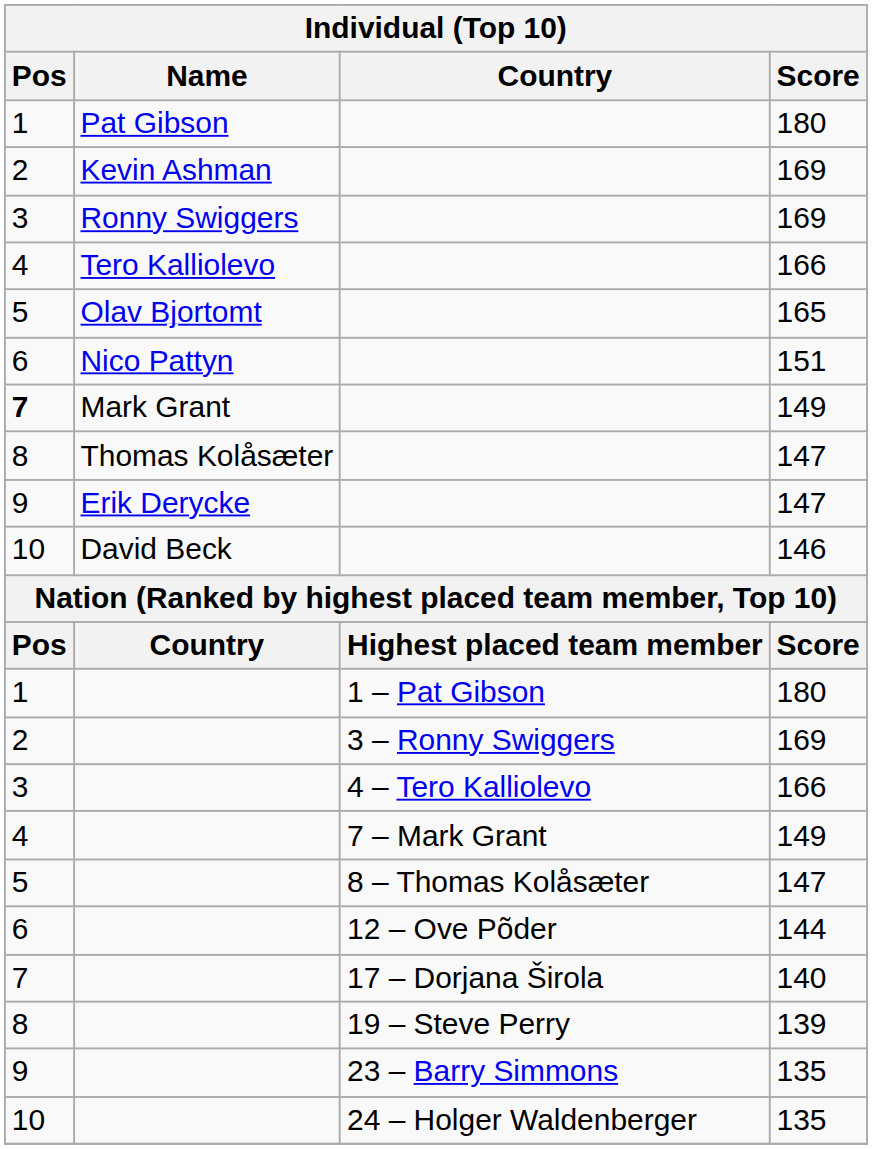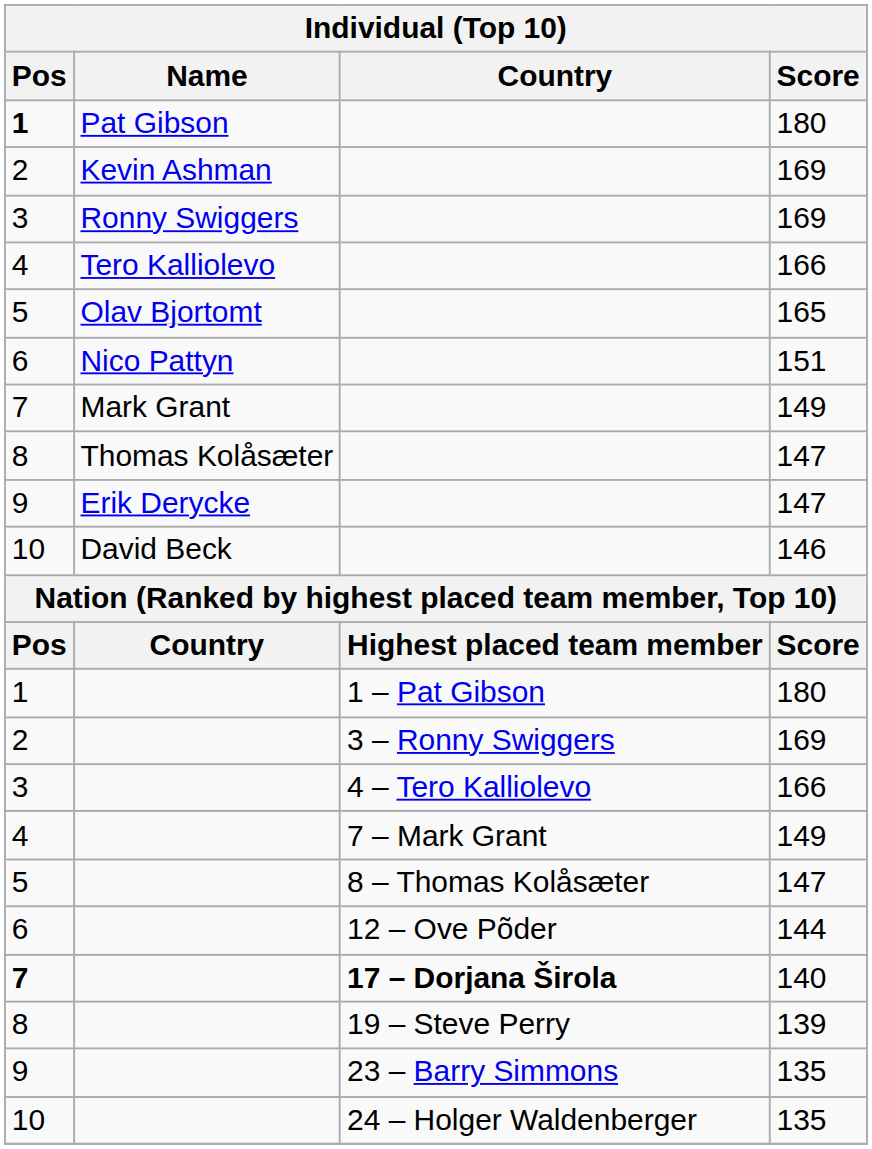 <table class="wikitable">
 <tr>
 <th colspan="4">Individual (Top 10)</th>
 </tr>
 <tr>
 <th>Pos</th>
 <th>Name</th>
 <th>Country</th>
 <th>Score</th>
 </tr>
 <tr>
-<td>1</td>
+<td><strong>1</strong></td>
 <td><a href='#'>Pat Gibson</a></td>
 <td></td>
 <td>180</td>
 </tr>
 <tr>
 <td>2</td>
 <td><a href='#'>Kevin Ashman</a></td>
 <td></td>
 <td>169</td>
 </tr>
 <tr>
 <td>3</td>
 <td><a href='#'>Ronny Swiggers</a></td>
 <td></td>
 <td>169</td>
 </tr>
 <tr>
 <td>4</td>
 <td><a href='#'>Tero Kalliolevo</a></td>
 <td></td>
 <td>166</td>
 </tr>
 <tr>
 <td>5</td>
 <td><a href='#'>Olav Bjortomt</a></td>
 <td></td>
 <td>165</td>
 </tr>
 <tr>
 <td>6</td>
 <td><a href='#'>Nico Pattyn</a></td>
 <td></td>
 <td>151</td>
 </tr>
 <tr>
-<td><strong>7</strong></td>
+<td>7</td>
 <td>Mark Grant</td>
 <td></td>
 <td>149</td>
 </tr>
 <tr>
 <td>8</td>
 <td>Thomas Kolåsæter</td>
 <td></td>
 <td>147</td>
 </tr>
 <tr>
 <td>9</td>
 <td><a href='#'>Erik Derycke</a></td>
 <td></td>
 <td>147</td>
 </tr>
 <tr>
 <td>10</td>
 <td>David Beck</td>
 <td></td>
 <td>146</td>
 </tr>
 <tr>
 <th colspan="4">Nation (Ranked by highest placed team member, Top 10)</th>
 </tr>
 <tr>
 <th>Pos</th>
 <th>Country</th>
 <th>Highest placed team member</th>
 <th>Score</th>
 </tr>
 <tr>
 <td>1</td>
 <td></td>
 <td>1 – <a href='#'>Pat Gibson</a></td>
 <td>180</td>
 </tr>
 <tr>
 <td>2</td>
 <td></td>
 <td>3 – <a href='#'>Ronny Swiggers</a></td>
 <td>169</td>
 </tr>
 <tr>
 <td>3</td>
 <td></td>
 <td>4 – <a href='#'>Tero Kalliolevo</a></td>
 <td>166</td>
 </tr>
 <tr>
 <td>4</td>
 <td></td>
 <td>7 – Mark Grant</td>
 <td>149</td>
 </tr>
 <tr>
 <td>5</td>
 <td></td>
 <td>8 – Thomas Kolåsæter</td>
 <td>147</td>
 </tr>
 <tr>
 <td>6</td>
 <td></td>
 <td>12 – Ove Põder</td>
 <td>144</td>
 </tr>
 <tr>
-<td>7</td>
+<td><strong>7</strong></td>
 <td></td>
-<td>17 – Dorjana Širola</td>
+<td><strong>17 – Dorjana Širola</strong></td>
 <td>140</td>
 </tr>
 <tr>
 <td>8</td>
 <td></td>
 <td>19 – Steve Perry</td>
 <td>139</td>
 </tr>
 <tr>
 <td>9</td>
 <td></td>
 <td>23 – <a href='#'>Barry Simmons</a></td>
 <td>135</td>
 </tr>
 <tr>
 <td>10</td>
 <td></td>
 <td>24 – Holger Waldenberger</td>
 <td>135</td>
 </tr>
 <tr>
 </tr>
 </table>
